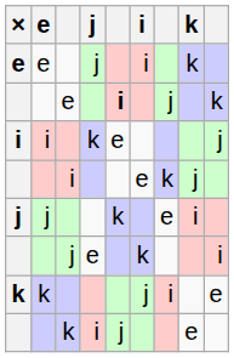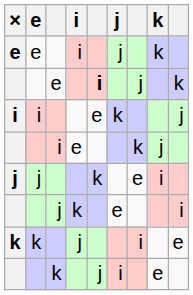 <table class="wikitable" style="text-align:right">
 <tr>
 <th>×</th>
 <th>e</th>
 <th></th>
+<th>i</th>
+<th></th>
 <th>j</th>
-<th></th>
-<th>i</th>
 <th></th>
 <th>k</th>
 <th></th>
 </tr>
 <tr>
 <th>e</th>
 <td>e</td>
 <td></td>
+<td bgcolor=#ffcccc>i</td>
+<td bgcolor=#ffcccc></td>
 <td bgcolor=#ccffcc>j</td>
-<td bgcolor=#ffcccc></td>
-<td bgcolor=#ffcccc>i</td>
 <td bgcolor=#ccffcc></td>
 <td bgcolor=#ccccff>k</td>
 <td bgcolor=#ccccff></td>
 </tr>
 <tr>
 <th></th>
 <td></td>
 <td>e</td>
+<td bgcolor=#ffcccc></td>
+<td bgcolor=#ffcccc><strong>i</strong></td>
 <td bgcolor=#ccffcc></td>
-<td bgcolor=#ffcccc><strong>i</strong></td>
-<td bgcolor=#ffcccc></td>
 <td bgcolor=#ccffcc>j</td>
 <td bgcolor=#ccccff></td>
 <td bgcolor=#ccccff>k</td>
 </tr>
 <tr>
 <th>i</th>
 <td bgcolor=#ffcccc>i</td>
 <td bgcolor=#ffcccc></td>
+<td></td>
+<td>e</td>
 <td bgcolor=#ccccff>k</td>
-<td>e</td>
-<td></td>
 <td bgcolor=#ccccff></td>
 <td bgcolor=#ccffcc></td>
 <td bgcolor=#ccffcc>j</td>
 </tr>
 <tr>
 <th></th>
 <td bgcolor=#ffcccc></td>
 <td bgcolor=#ffcccc>i</td>
+<td>e</td>
+<td></td>
 <td bgcolor=#ccccff></td>
-<td></td>
-<td>e</td>
 <td bgcolor=#ccccff>k</td>
 <td bgcolor=#ccffcc>j</td>
 <td bgcolor=#ccffcc></td>
 </tr>
 <tr>
 <th>j</th>
 <td bgcolor=#ccffcc>j</td>
 <td bgcolor=#ccffcc></td>
+<td bgcolor=#ccccff></td>
+<td bgcolor=#ccccff>k</td>
 <td></td>
-<td bgcolor=#ccccff>k</td>
-<td bgcolor=#ccccff></td>
 <td>e</td>
 <td bgcolor=#ffcccc>i</td>
 <td bgcolor=#ffcccc></td>
 </tr>
 <tr>
 <th></th>
 <td bgcolor=#ccffcc></td>
 <td bgcolor=#ccffcc>j</td>
+<td bgcolor=#ccccff>k</td>
+<td bgcolor=#ccccff></td>
 <td>e</td>
-<td bgcolor=#ccccff></td>
-<td bgcolor=#ccccff>k</td>
 <td></td>
 <td bgcolor=#ffcccc></td>
 <td bgcolor=#ffcccc>i</td>
 </tr>
 <tr>
 <th>k</th>
 <td bgcolor=#ccccff>k</td>
 <td bgcolor=#ccccff></td>
+<td bgcolor=#ccffcc>j</td>
+<td bgcolor=#ccffcc></td>
 <td bgcolor=#ffcccc></td>
-<td bgcolor=#ccffcc></td>
-<td bgcolor=#ccffcc>j</td>
 <td bgcolor=#ffcccc>i</td>
 <td></td>
 <td>e</td>
 </tr>
 <tr>
 <th></th>
 <td bgcolor=#ccccff></td>
 <td bgcolor=#ccccff>k</td>
+<td bgcolor=#ccffcc></td>
+<td bgcolor=#ccffcc>j</td>
 <td bgcolor=#ffcccc>i</td>
-<td bgcolor=#ccffcc>j</td>
-<td bgcolor=#ccffcc></td>
 <td bgcolor=#ffcccc></td>
 <td>e</td>
 <td></td>
 </tr>
 </table>
